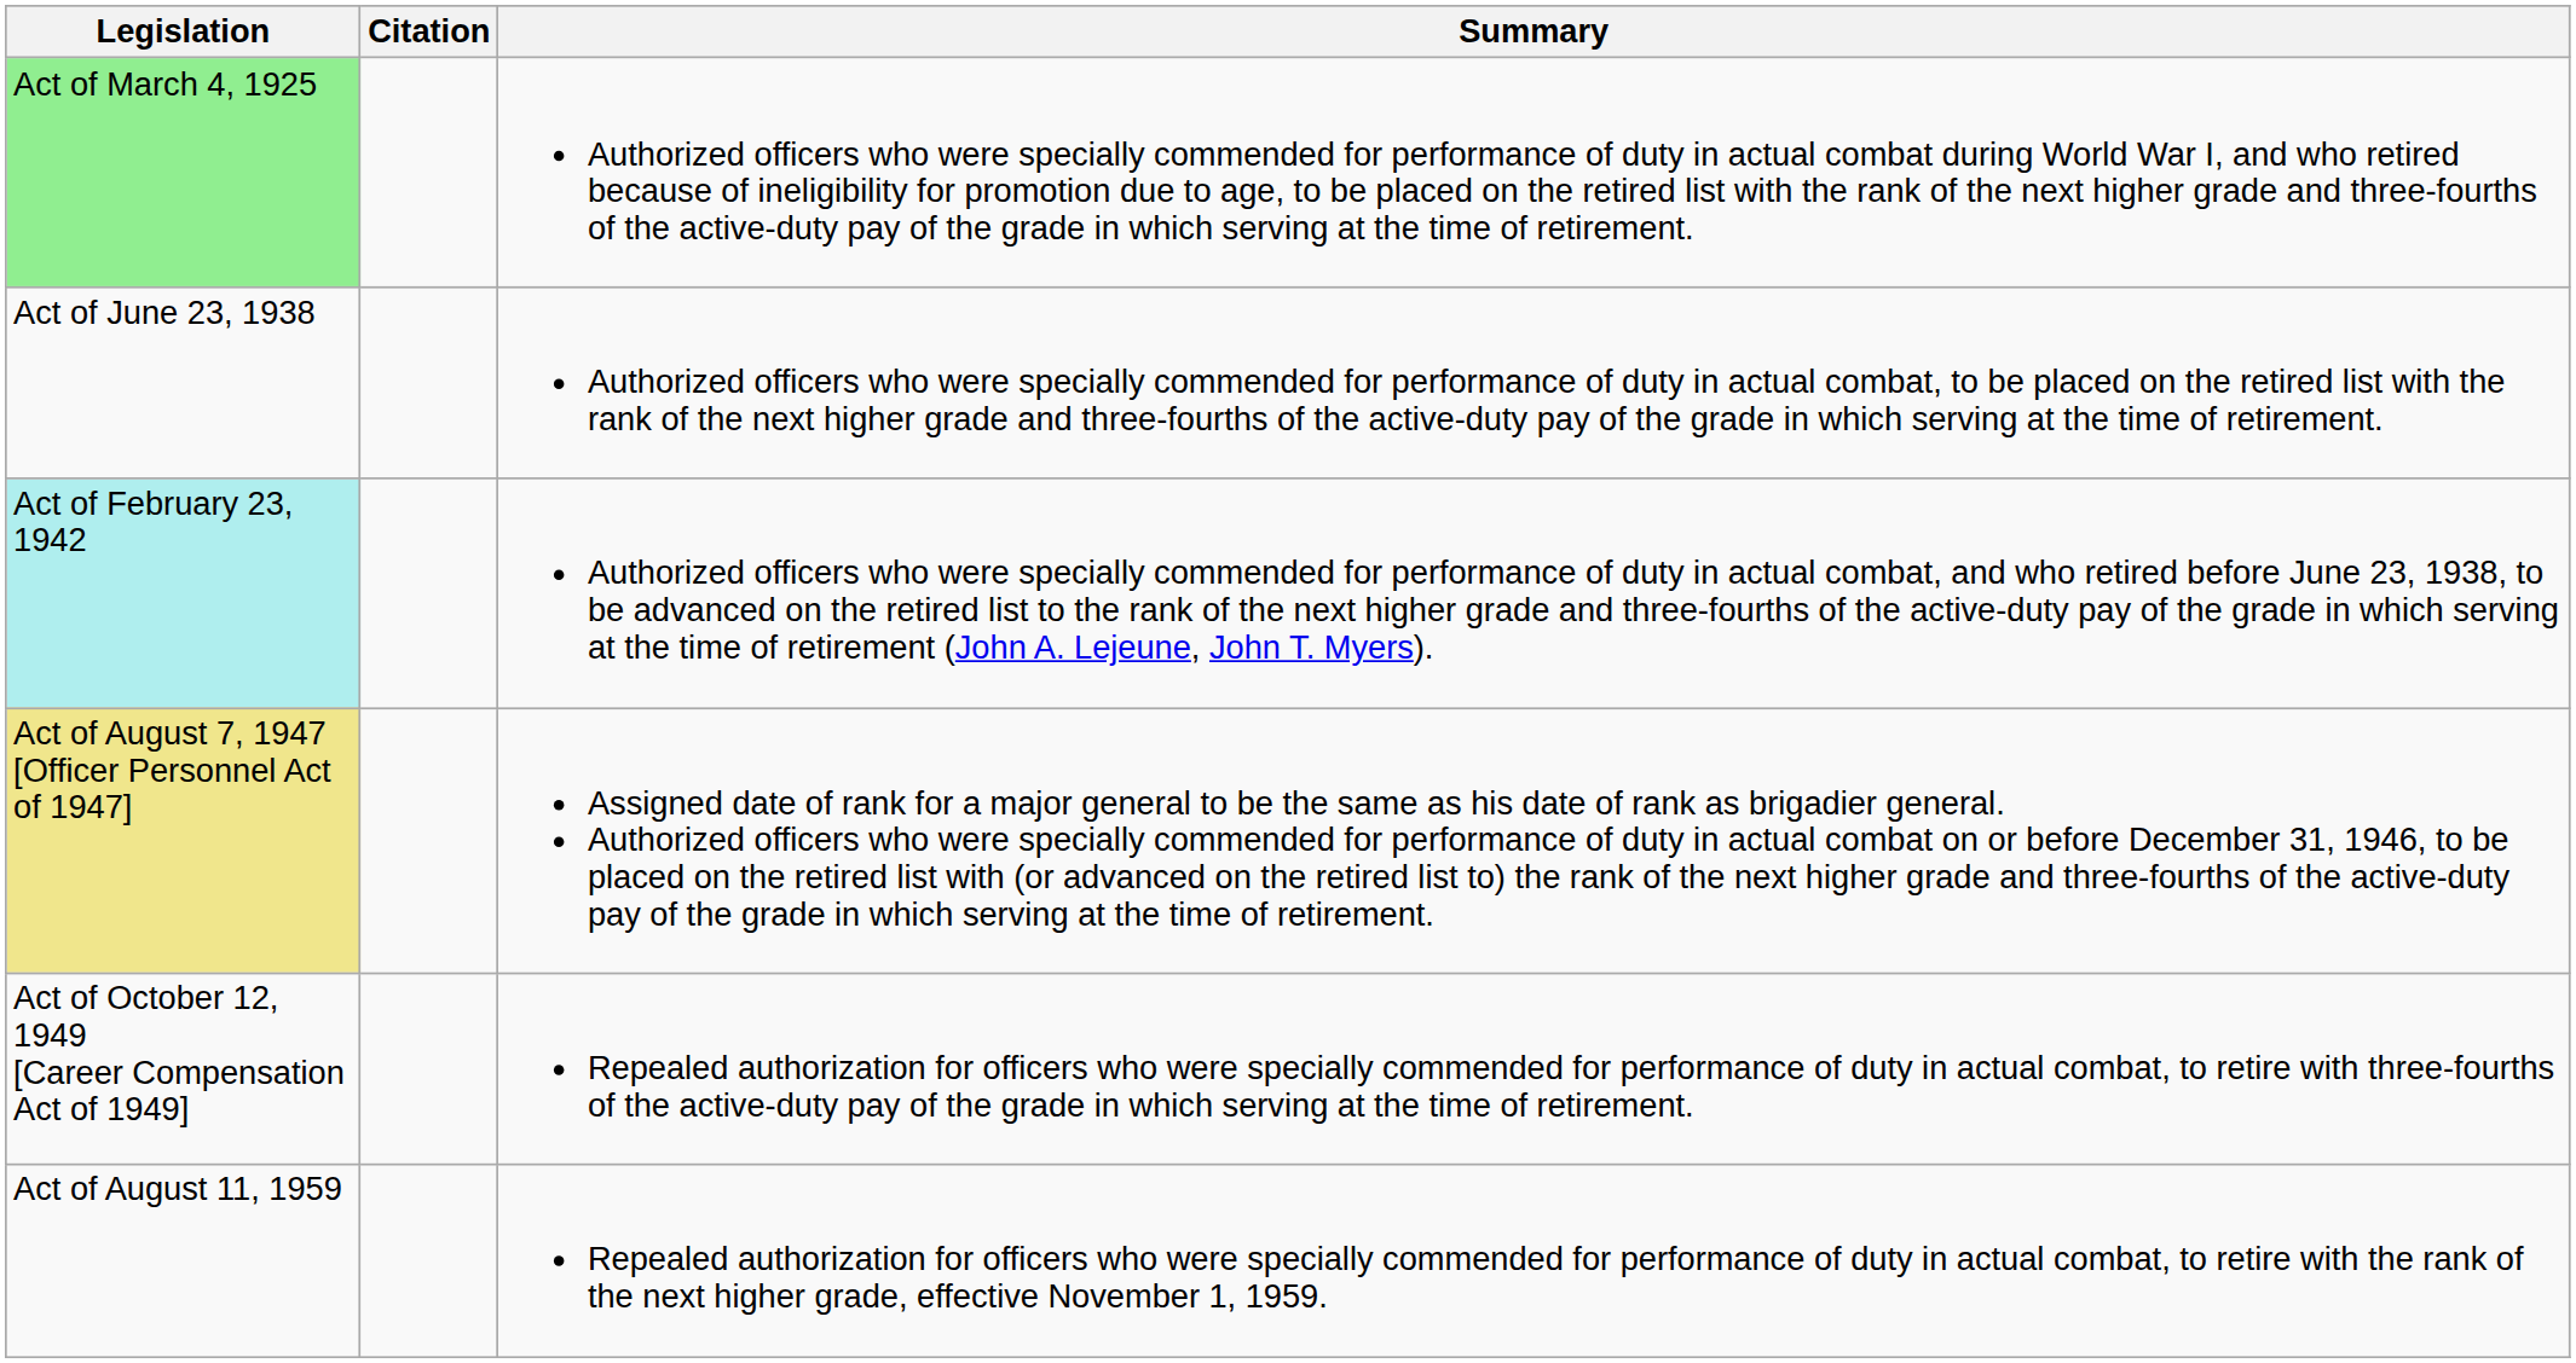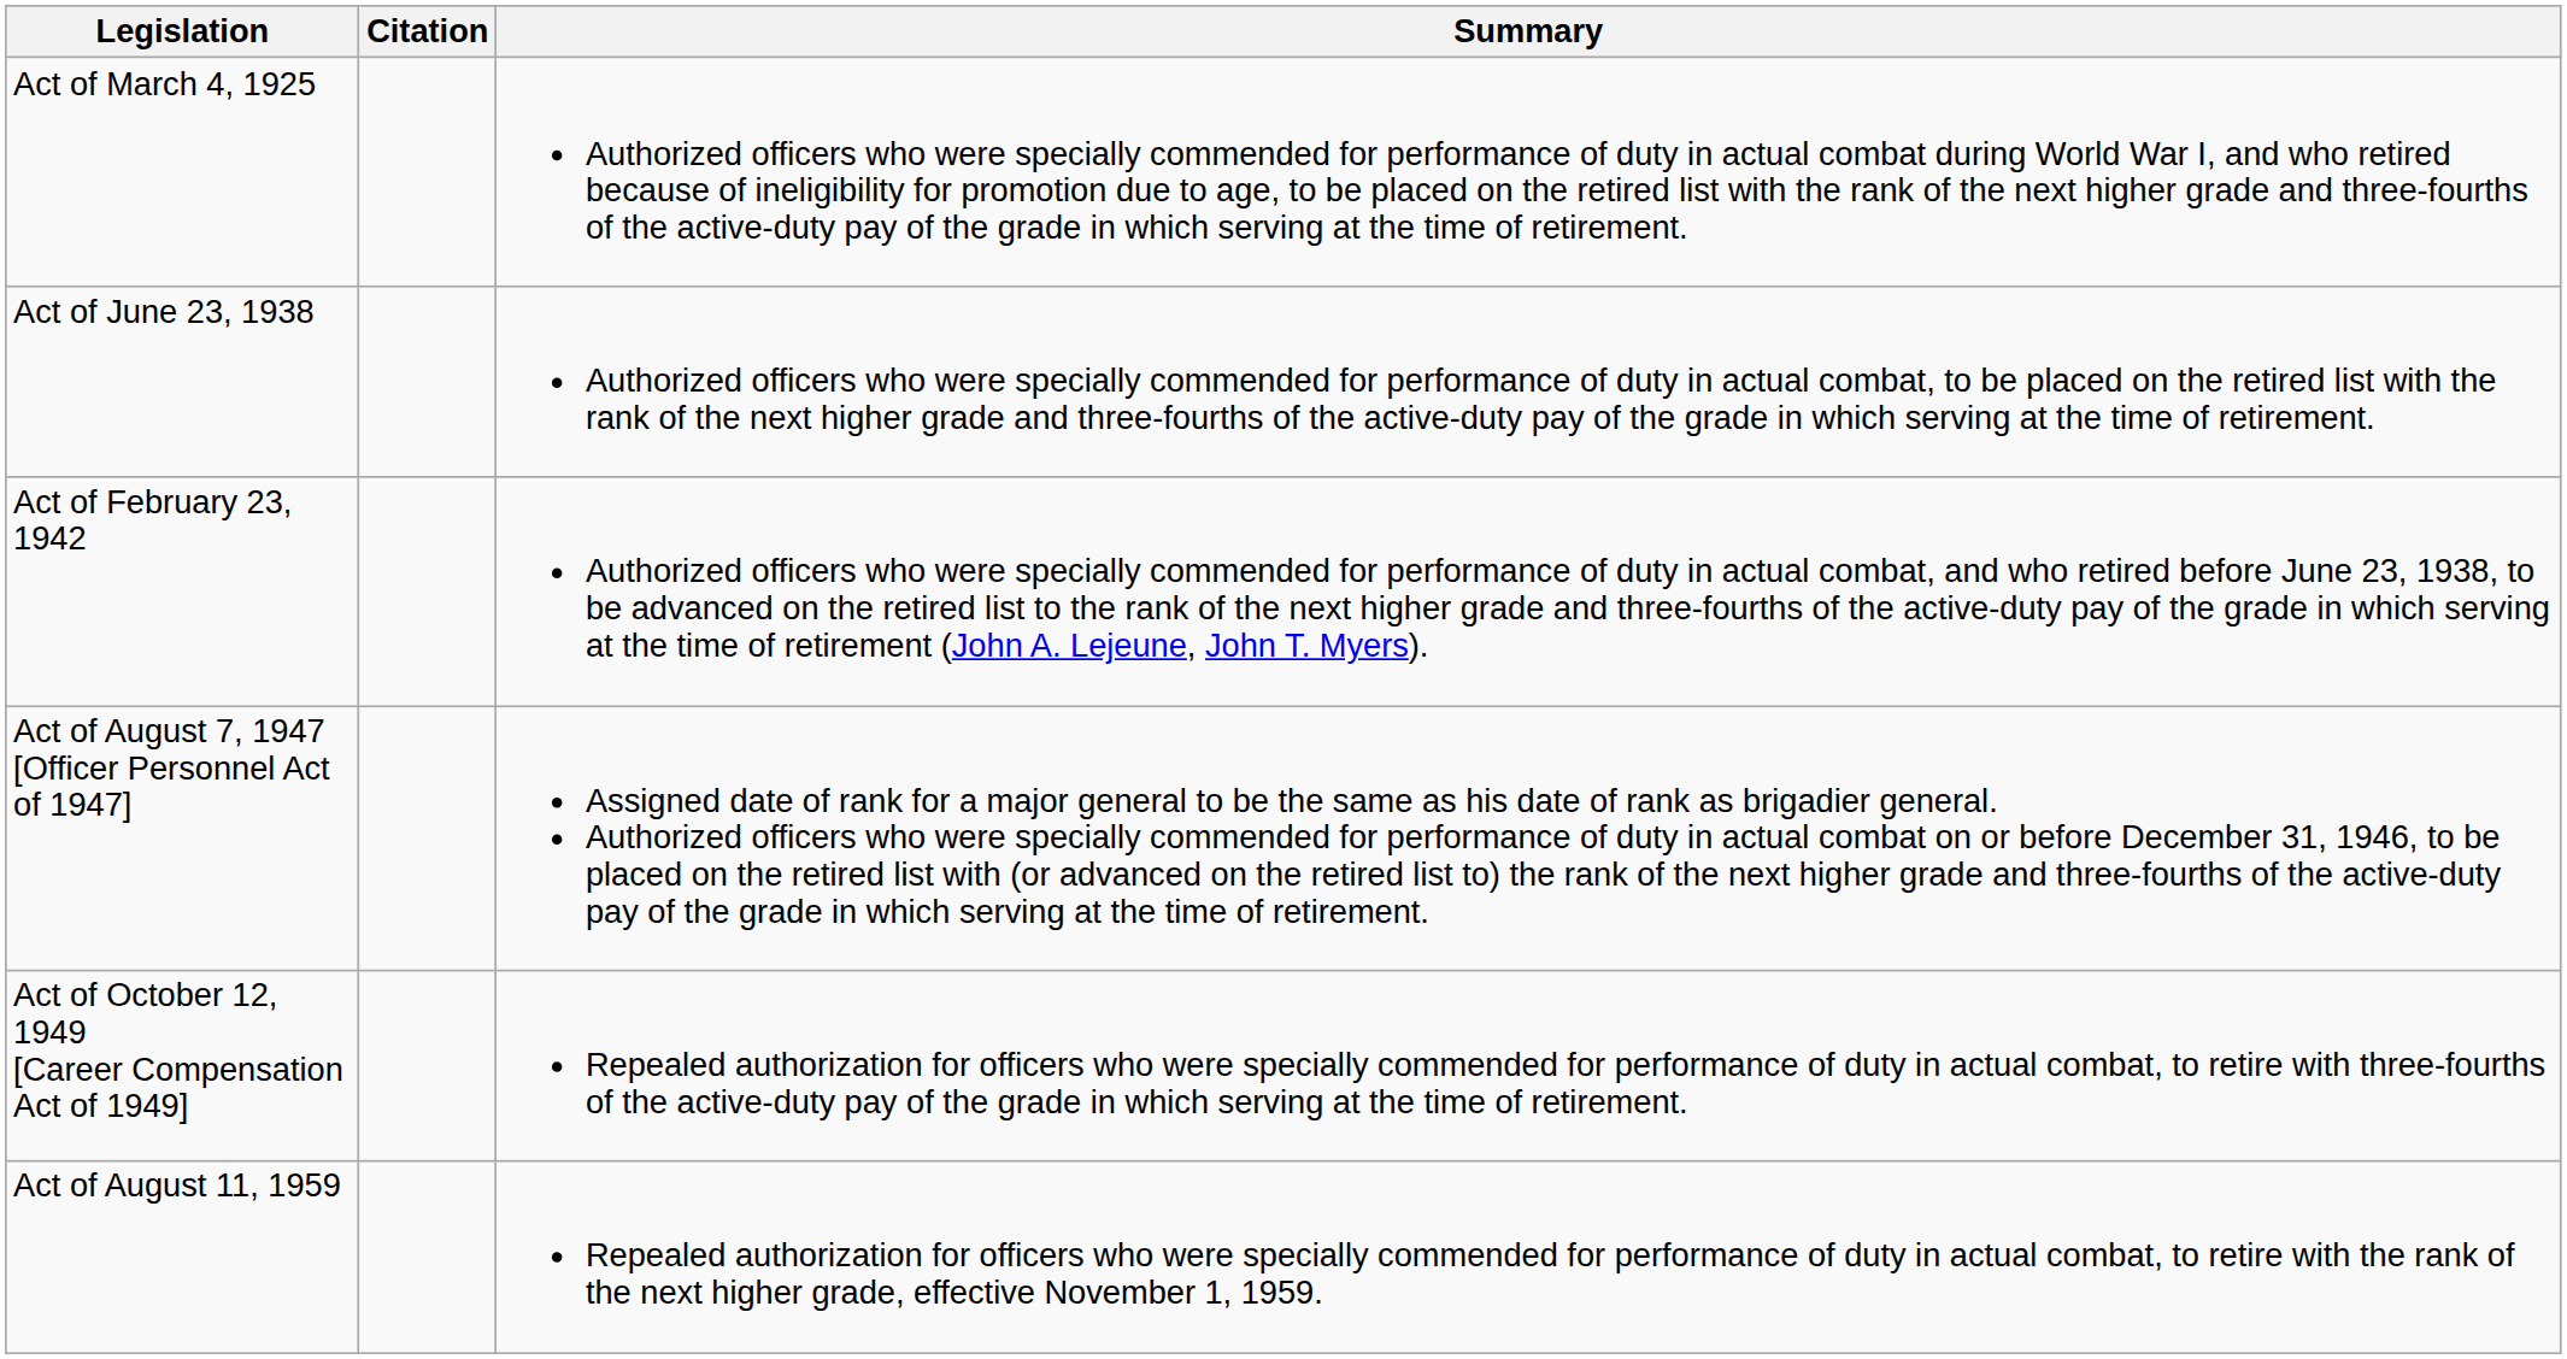 <table class="wikitable">
 <tr>
 <th width = 165>Legislation</th>
 <th>Citation</th>
 <th>Summary</th>
 </tr>
 <tr valign=top>
-<td style="background: lightgreen;">Act of March 4, 1925</td>
+<td>Act of March 4, 1925</td>
 <td> </td>
 <td><br><ul><li>Authorized officers who were specially commended for performance of duty in actual combat during World War I, and who retired because of ineligibility for promotion due to age, to be placed on the retired list with the rank of the next higher grade and three-fourths of the active-duty pay of the grade in which serving at the time of retirement.</li></ul></td>
 </tr>
 <tr valign=top>
 <td>Act of June 23, 1938</td>
 <td> </td>
 <td><br><ul><li>Authorized officers who were specially commended for performance of duty in actual combat, to be placed on the retired list with the rank of the next higher grade and three-fourths of the active-duty pay of the grade in which serving at the time of retirement.</li></ul></td>
 </tr>
 <tr valign=top>
-<td style="background: paleturquoise;">Act of February 23, 1942</td>
+<td>Act of February 23, 1942</td>
 <td> </td>
 <td><br><ul><li>Authorized officers who were specially commended for performance of duty in actual combat, and who retired before June 23, 1938, to be advanced on the retired list to the rank of the next higher grade and three-fourths of the active-duty pay of the grade in which serving at the time of retirement (<a href='#'>John A. Lejeune</a>, <a href='#'>John T. Myers</a>).</li></ul></td>
 </tr>
 <tr valign=top>
-<td style="background: khaki;">Act of August 7, 1947<br>[Officer Personnel Act of 1947]</td>
+<td>Act of August 7, 1947<br>[Officer Personnel Act of 1947]</td>
 <td> <br> </td>
 <td><br><ul><li>Assigned date of rank for a major general to be the same as his date of rank as brigadier general.</li><li>Authorized officers who were specially commended for performance of duty in actual combat on or before December 31, 1946, to be placed on the retired list with (or advanced on the retired list to) the rank of the next higher grade and three-fourths of the active-duty pay of the grade in which serving at the time of retirement.</li></ul></td>
 </tr>
 <tr valign=top>
 <td>Act of October 12, 1949<br>[Career Compensation Act of 1949]</td>
 <td> </td>
 <td><br><ul><li>Repealed authorization for officers who were specially commended for performance of duty in actual combat, to retire with three-fourths of the active-duty pay of the grade in which serving at the time of retirement.</li></ul></td>
 </tr>
 <tr valign=top>
 <td>Act of August 11, 1959</td>
 <td> </td>
 <td><br><ul><li>Repealed authorization for officers who were specially commended for performance of duty in actual combat, to retire with the rank of the next higher grade, effective November 1, 1959.</li></ul></td>
 </tr>
 <tr>
 </tr>
 </table>
